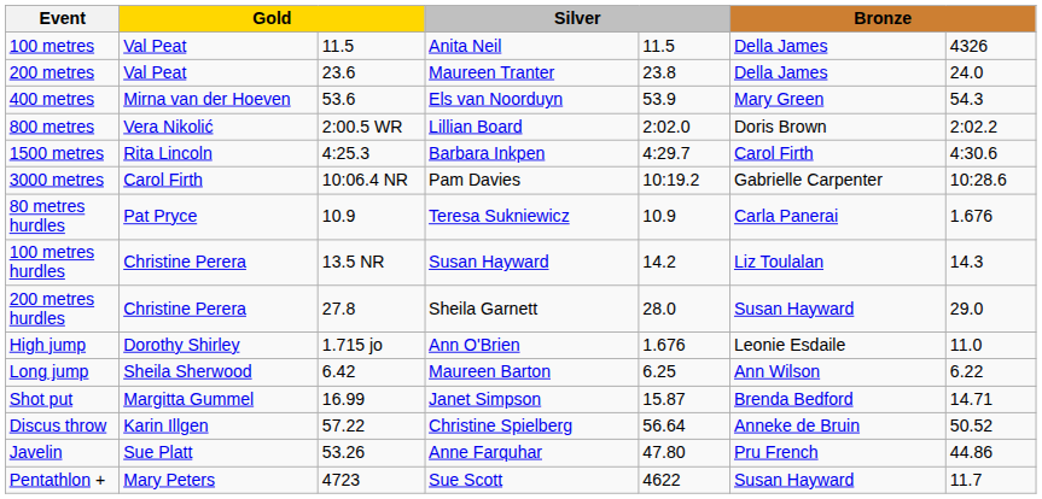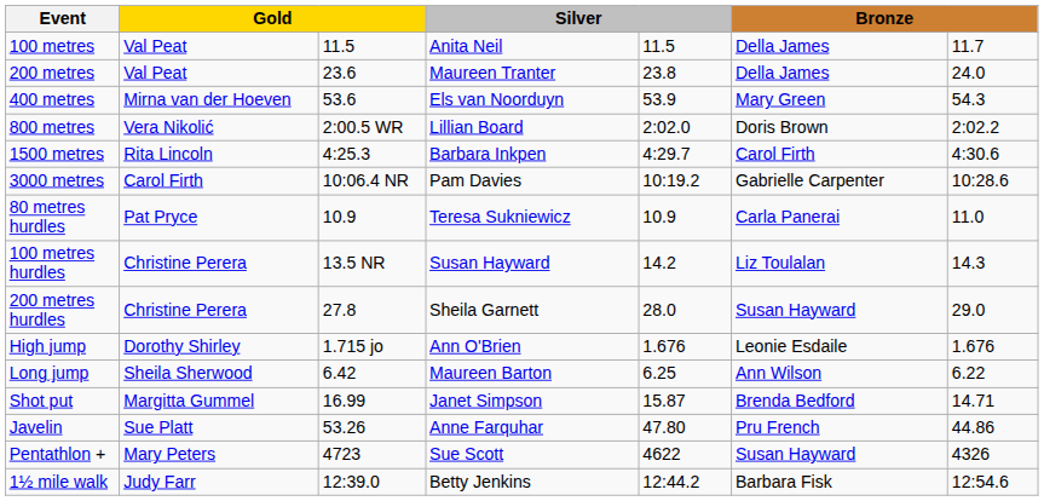 <table class="wikitable" style="text-align:left">
 <tr>
 <th width=100>Event</th>
 <th colspan="2" width="280" style="background:gold;">Gold</th>
 <th colspan="2" width="280" style="background:silver;">Silver</th>
 <th colspan="2" width="280" style="background:#CD7F32;">Bronze</th>
 </tr>
 <tr>
 <td><a href='#'>100 metres</a></td>
 <td><a href='#'>Val Peat</a></td>
 <td>11.5</td>
 <td><a href='#'>Anita Neil</a></td>
 <td>11.5</td>
 <td><a href='#'>Della James</a></td>
-<td>4326</td>
+<td>11.7</td>
 </tr>
 <tr>
 <td><a href='#'>200 metres</a></td>
 <td><a href='#'>Val Peat</a></td>
 <td>23.6</td>
 <td><a href='#'>Maureen Tranter</a></td>
 <td>23.8</td>
 <td><a href='#'>Della James</a></td>
 <td>24.0</td>
 </tr>
 <tr>
 <td><a href='#'>400 metres</a></td>
 <td> <a href='#'>Mirna van der Hoeven</a></td>
 <td>53.6</td>
 <td> <a href='#'>Els van Noorduyn</a></td>
 <td>53.9</td>
 <td><a href='#'>Mary Green</a></td>
 <td>54.3</td>
 </tr>
 <tr>
 <td><a href='#'>800 metres</a></td>
 <td> <a href='#'>Vera Nikolić</a></td>
 <td>2:00.5 WR</td>
 <td><a href='#'>Lillian Board</a></td>
 <td>2:02.0</td>
 <td> Doris Brown</td>
 <td>2:02.2</td>
 </tr>
 <tr>
 <td><a href='#'>1500 metres</a></td>
 <td><a href='#'>Rita Lincoln</a></td>
 <td>4:25.3</td>
 <td><a href='#'>Barbara Inkpen</a></td>
 <td>4:29.7</td>
 <td><a href='#'>Carol Firth</a></td>
 <td>4:30.6</td>
 </tr>
 <tr>
 <td><a href='#'>3000 metres</a></td>
 <td><a href='#'>Carol Firth</a></td>
 <td>10:06.4 NR</td>
 <td>Pam Davies</td>
 <td>10:19.2</td>
 <td>Gabrielle Carpenter</td>
 <td>10:28.6</td>
 </tr>
 <tr>
 <td><a href='#'>80 metres hurdles</a></td>
 <td><a href='#'>Pat Pryce</a></td>
 <td>10.9</td>
 <td> <a href='#'>Teresa Sukniewicz</a></td>
 <td>10.9</td>
 <td> <a href='#'>Carla Panerai</a></td>
-<td>1.676</td>
+<td>11.0</td>
 </tr>
 <tr>
 <td><a href='#'>100 metres hurdles</a></td>
 <td><a href='#'>Christine Perera</a></td>
 <td>13.5 NR</td>
 <td><a href='#'>Susan Hayward</a></td>
 <td>14.2</td>
 <td> <a href='#'>Liz Toulalan</a></td>
 <td>14.3</td>
 </tr>
 <tr>
 <td><a href='#'>200 metres hurdles</a></td>
 <td><a href='#'>Christine Perera</a></td>
 <td>27.8</td>
 <td>Sheila Garnett</td>
 <td>28.0</td>
 <td><a href='#'>Susan Hayward</a></td>
 <td>29.0</td>
 </tr>
 <tr>
 <td><a href='#'>High jump</a></td>
 <td><a href='#'>Dorothy Shirley</a></td>
 <td>1.715 jo</td>
 <td> <a href='#'>Ann O'Brien</a></td>
 <td>1.676</td>
 <td>Leonie Esdaile</td>
-<td>11.0</td>
+<td>1.676</td>
 </tr>
 <tr>
 <td><a href='#'>Long jump</a></td>
 <td><a href='#'>Sheila Sherwood</a></td>
 <td>6.42</td>
 <td><a href='#'>Maureen Barton</a></td>
 <td>6.25</td>
 <td><a href='#'>Ann Wilson</a></td>
 <td>6.22</td>
 </tr>
 <tr>
 <td><a href='#'>Shot put</a></td>
 <td> <a href='#'>Margitta Gummel</a></td>
 <td>16.99</td>
 <td><a href='#'>Janet Simpson</a></td>
 <td>15.87</td>
 <td><a href='#'>Brenda Bedford</a></td>
 <td>14.71</td>
 </tr>
 <tr>
-<td><a href='#'>Discus throw</a></td>
-<td> <a href='#'>Karin Illgen</a></td>
-<td>57.22</td>
-<td> <a href='#'>Christine Spielberg</a></td>
-<td>56.64</td>
-<td> <a href='#'>Anneke de Bruin</a></td>
-<td>50.52</td>
-</tr>
-<tr>
 <td><a href='#'>Javelin</a></td>
 <td><a href='#'>Sue Platt</a></td>
 <td>53.26</td>
 <td><a href='#'>Anne Farquhar</a></td>
 <td>47.80</td>
 <td><a href='#'>Pru French</a></td>
 <td>44.86</td>
 </tr>
 <tr>
 <td><a href='#'>Pentathlon</a> +</td>
 <td> <a href='#'>Mary Peters</a></td>
 <td>4723</td>
 <td><a href='#'>Sue Scott</a></td>
 <td>4622</td>
 <td><a href='#'>Susan Hayward</a></td>
-<td>11.7</td>
+<td>4326</td>
+</tr>
+<tr>
+<td><a href='#'>1½ mile walk</a></td>
+<td><a href='#'>Judy Farr</a></td>
+<td>12:39.0</td>
+<td>Betty Jenkins</td>
+<td>12:44.2</td>
+<td>Barbara Fisk</td>
+<td>12:54.6</td>
 </tr>
 </table>
